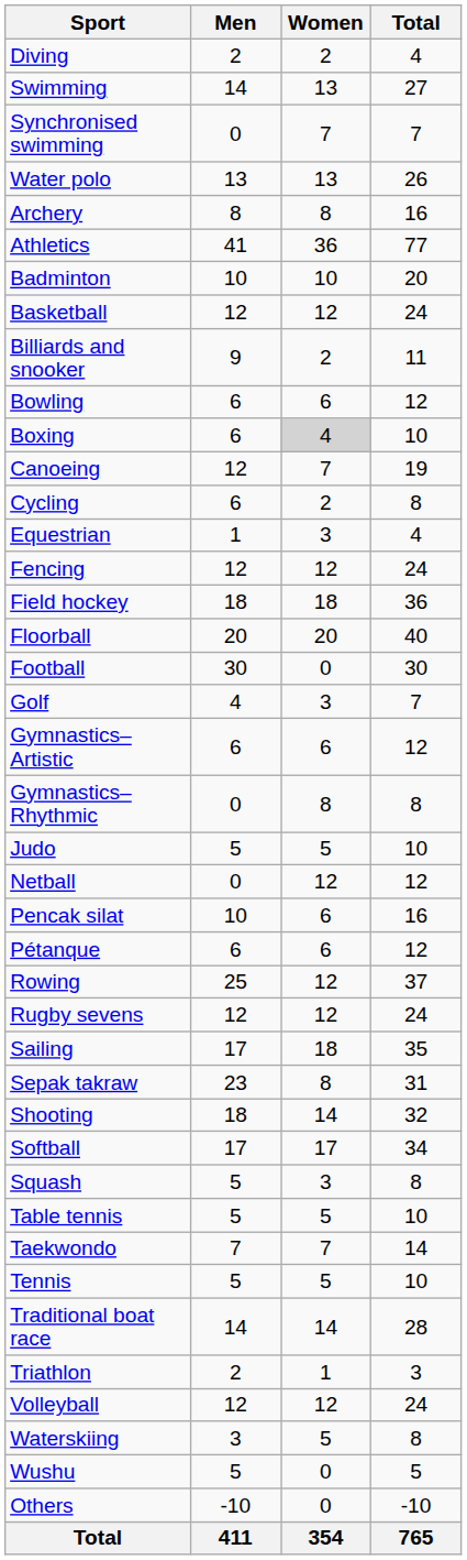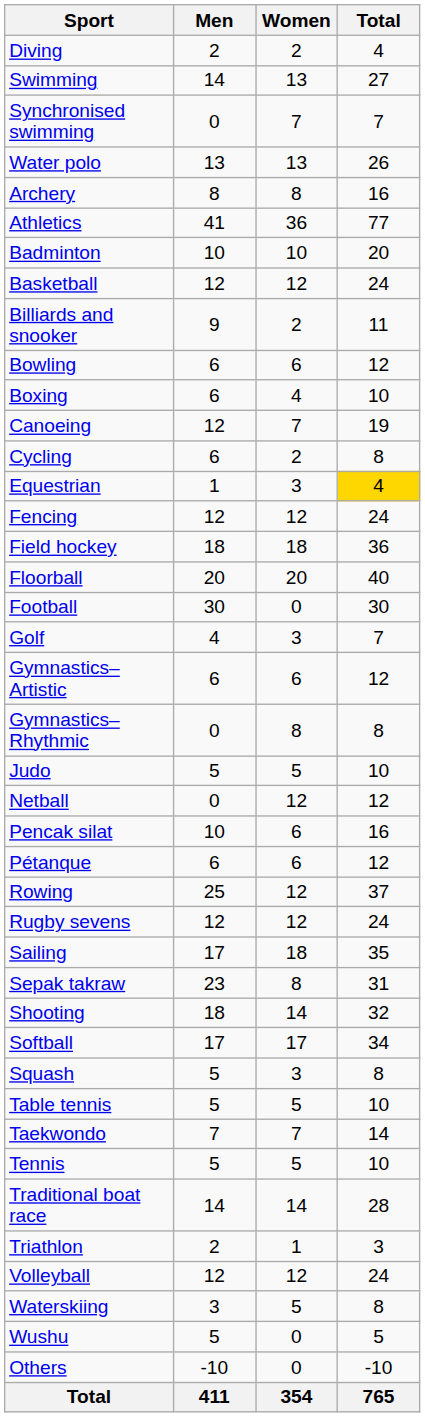 <table class="wikitable sortable" style="font-size:90%; text-align:center;">
 <tr>
 <th width=120>Sport</th>
 <th width=55>Men</th>
 <th width=55>Women</th>
 <th width=55>Total</th>
 </tr>
 <tr>
 <td align=left><a href='#'>Diving</a></td>
 <td>2</td>
 <td>2</td>
 <td>4</td>
 </tr>
 <tr>
 <td align=left><a href='#'>Swimming</a></td>
 <td>14</td>
 <td>13</td>
 <td>27</td>
 </tr>
 <tr>
 <td align=left><a href='#'>Synchronised swimming</a></td>
 <td>0</td>
 <td>7</td>
 <td>7</td>
 </tr>
 <tr>
 <td align=left><a href='#'>Water polo</a></td>
 <td>13</td>
 <td>13</td>
 <td>26</td>
 </tr>
 <tr>
 <td align=left><a href='#'>Archery</a></td>
 <td>8</td>
 <td>8</td>
 <td>16</td>
 </tr>
 <tr>
 <td align=left><a href='#'>Athletics</a></td>
 <td>41</td>
 <td>36</td>
 <td>77</td>
 </tr>
 <tr>
 <td align=left><a href='#'>Badminton</a></td>
 <td>10</td>
 <td>10</td>
 <td>20</td>
 </tr>
 <tr>
 <td align=left><a href='#'>Basketball</a></td>
 <td>12</td>
 <td>12</td>
 <td>24</td>
 </tr>
 <tr>
 <td align=left><a href='#'>Billiards and snooker</a></td>
 <td>9</td>
 <td>2</td>
 <td>11</td>
 </tr>
 <tr>
 <td align=left><a href='#'>Bowling</a></td>
 <td>6</td>
 <td>6</td>
 <td>12</td>
 </tr>
 <tr>
 <td align=left><a href='#'>Boxing</a></td>
 <td>6</td>
-<td style="background: lightgrey;">4</td>
+<td>4</td>
 <td>10</td>
 </tr>
 <tr>
 <td align=left><a href='#'>Canoeing</a></td>
 <td>12</td>
 <td>7</td>
 <td>19</td>
 </tr>
 <tr>
 <td align=left><a href='#'>Cycling</a></td>
 <td>6</td>
 <td>2</td>
 <td>8</td>
 </tr>
 <tr>
 <td align=left><a href='#'>Equestrian</a></td>
 <td>1</td>
 <td>3</td>
-<td>4</td>
+<td style="background: gold;">4</td>
 </tr>
 <tr>
 <td align=left><a href='#'>Fencing</a></td>
 <td>12</td>
 <td>12</td>
 <td>24</td>
 </tr>
 <tr>
 <td align=left><a href='#'>Field hockey</a></td>
 <td>18</td>
 <td>18</td>
 <td>36</td>
 </tr>
 <tr>
 <td align=left><a href='#'>Floorball</a></td>
 <td>20</td>
 <td>20</td>
 <td>40</td>
 </tr>
 <tr>
 <td align=left><a href='#'>Football</a></td>
 <td>30</td>
 <td>0</td>
 <td>30</td>
 </tr>
 <tr>
 <td align=left><a href='#'>Golf</a></td>
 <td>4</td>
 <td>3</td>
 <td>7</td>
 </tr>
 <tr>
 <td align=left><a href='#'>Gymnastics–Artistic</a></td>
 <td>6</td>
 <td>6</td>
 <td>12</td>
 </tr>
 <tr>
 <td align=left><a href='#'>Gymnastics–Rhythmic</a></td>
 <td>0</td>
 <td>8</td>
 <td>8</td>
 </tr>
 <tr>
 <td align=left><a href='#'>Judo</a></td>
 <td>5</td>
 <td>5</td>
 <td>10</td>
 </tr>
 <tr>
 <td align=left><a href='#'>Netball</a></td>
 <td>0</td>
 <td>12</td>
 <td>12</td>
 </tr>
 <tr>
 <td align=left><a href='#'>Pencak silat</a></td>
 <td>10</td>
 <td>6</td>
 <td>16</td>
 </tr>
 <tr>
 <td align=left><a href='#'>Pétanque</a></td>
 <td>6</td>
 <td>6</td>
 <td>12</td>
 </tr>
 <tr>
 <td align=left><a href='#'>Rowing</a></td>
 <td>25</td>
 <td>12</td>
 <td>37</td>
 </tr>
 <tr>
 <td align=left><a href='#'>Rugby sevens</a></td>
 <td>12</td>
 <td>12</td>
 <td>24</td>
 </tr>
 <tr>
 <td align=left><a href='#'>Sailing</a></td>
 <td>17</td>
 <td>18</td>
 <td>35</td>
 </tr>
 <tr>
 <td align=left><a href='#'>Sepak takraw</a></td>
 <td>23</td>
 <td>8</td>
 <td>31</td>
 </tr>
 <tr>
 <td align=left><a href='#'>Shooting</a></td>
 <td>18</td>
 <td>14</td>
 <td>32</td>
 </tr>
 <tr>
 <td align=left><a href='#'>Softball</a></td>
 <td>17</td>
 <td>17</td>
 <td>34</td>
 </tr>
 <tr>
 <td align=left><a href='#'>Squash</a></td>
 <td>5</td>
 <td>3</td>
 <td>8</td>
 </tr>
 <tr>
 <td align=left><a href='#'>Table tennis</a></td>
 <td>5</td>
 <td>5</td>
 <td>10</td>
 </tr>
 <tr>
 <td align=left><a href='#'>Taekwondo</a></td>
 <td>7</td>
 <td>7</td>
 <td>14</td>
 </tr>
 <tr>
 <td align=left><a href='#'>Tennis</a></td>
 <td>5</td>
 <td>5</td>
 <td>10</td>
 </tr>
 <tr>
 <td align=left><a href='#'>Traditional boat race</a></td>
 <td>14</td>
 <td>14</td>
 <td>28</td>
 </tr>
 <tr>
 <td align=left><a href='#'>Triathlon</a></td>
 <td>2</td>
 <td>1</td>
 <td>3</td>
 </tr>
 <tr>
 <td align=left><a href='#'>Volleyball</a></td>
 <td>12</td>
 <td>12</td>
 <td>24</td>
 </tr>
 <tr>
 <td align=left><a href='#'>Waterskiing</a></td>
 <td>3</td>
 <td>5</td>
 <td>8</td>
 </tr>
 <tr>
 <td align=left><a href='#'>Wushu</a></td>
 <td>5</td>
 <td>0</td>
 <td>5</td>
 </tr>
 <tr>
 <td align=left><a href='#'>Others</a></td>
 <td>-10</td>
 <td>0</td>
 <td>-10</td>
 </tr>
 <tr class="sortbottom">
 <th>Total</th>
 <th>411</th>
 <th>354</th>
 <th>765</th>
 </tr>
 </table>
